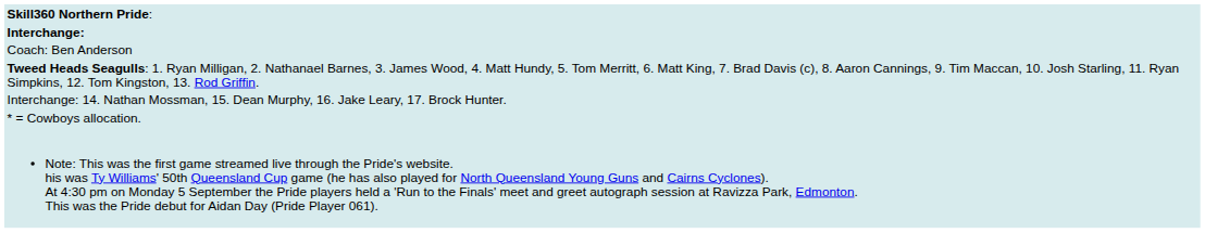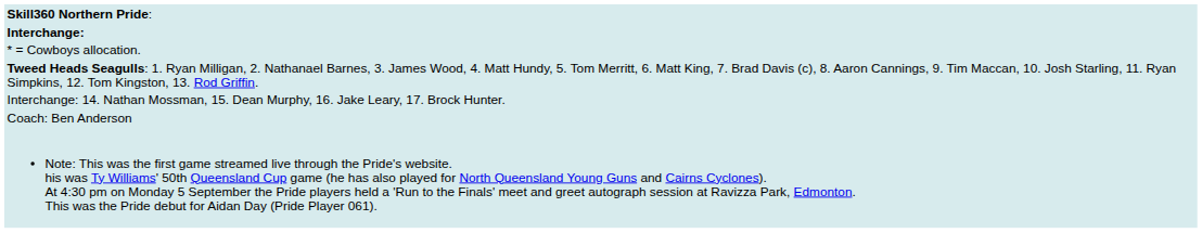 <table style="background:#d7ebed; font-size:85%; width:100%;">
 <tr>
 <td><strong>Skill360 Northern Pride</strong>:             </td>
 </tr>
 <tr>
 <td><strong>Interchange:    </strong></td>
 </tr>
 <tr>
-<td>Coach: Ben Anderson</td>
+<td>* = Cowboys allocation.</td>
 </tr>
 <tr>
 <td><strong>Tweed Heads Seagulls</strong>: 1. Ryan Milligan, 2. Nathanael Barnes, 3. James Wood, 4. Matt Hundy, 5. Tom Merritt, 6. Matt King, 7. Brad Davis (c), 8. Aaron Cannings, 9. Tim Maccan, 10. Josh Starling, 11. Ryan Simpkins, 12. Tom Kingston, 13. <a href='#'>Rod Griffin</a>.</td>
 </tr>
 <tr>
 <td>Interchange: 14. Nathan Mossman, 15. Dean Murphy, 16. Jake Leary, 17. Brock Hunter.</td>
 </tr>
 <tr>
-<td>* = Cowboys allocation.</td>
+<td>Coach: Ben Anderson</td>
 </tr>
 <tr>
 <td><br><ul><li>Note: This was the first game streamed live through the Pride's website.<br>his was <a href='#'>Ty Williams</a>' 50th <a href='#'>Queensland Cup</a> game (he has also played for <a href='#'>North Queensland Young Guns</a> and <a href='#'>Cairns Cyclones</a>).<br>At 4:30 pm on Monday 5 September the Pride players held a 'Run to the Finals' meet and greet autograph session at Ravizza Park, <a href='#'>Edmonton</a>.<br>This was the Pride debut for Aidan Day (Pride Player 061).</li></ul></td>
 </tr>
 </table>
